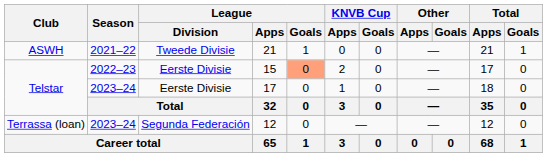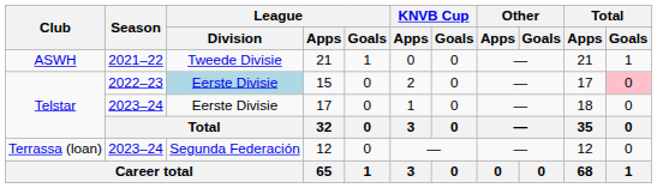 <table class="wikitable" style="text-align:center">
 <tr>
 <th rowspan="2">Club</th>
 <th rowspan="2">Season</th>
 <th colspan="3">League</th>
 <th colspan="2"><a href='#'>KNVB Cup</a></th>
 <th colspan="2">Other</th>
 <th colspan="2">Total</th>
 </tr>
 <tr>
 <th>Division</th>
 <th>Apps</th>
 <th>Goals</th>
 <th>Apps</th>
 <th>Goals</th>
 <th>Apps</th>
 <th>Goals</th>
 <th>Apps</th>
 <th>Goals</th>
 </tr>
 <tr>
 <td><a href='#'>ASWH</a></td>
 <td><a href='#'>2021–22</a></td>
 <td><a href='#'>Tweede Divisie</a></td>
 <td>21</td>
 <td>1</td>
 <td>0</td>
 <td>0</td>
 <td colspan="2">—</td>
 <td>21</td>
 <td>1</td>
 </tr>
 <tr>
 <td rowspan="3"><a href='#'>Telstar</a></td>
 <td><a href='#'>2022–23</a></td>
-<td><a href='#'>Eerste Divisie</a></td>
+<td style="background: lightblue;"><a href='#'>Eerste Divisie</a></td>
 <td>15</td>
-<td style="background: lightsalmon;">0</td>
+<td>0</td>
 <td>2</td>
 <td>0</td>
 <td colspan="2">—</td>
 <td>17</td>
-<td>0</td>
+<td style="background: pink;">0</td>
 </tr>
 <tr>
 <td><a href='#'>2023–24</a></td>
 <td>Eerste Divisie</td>
 <td>17</td>
 <td>0</td>
 <td>1</td>
 <td>0</td>
 <td colspan="2">—</td>
 <td>18</td>
 <td>0</td>
 </tr>
 <tr>
 <th colspan="2">Total</th>
 <th>32</th>
 <th>0</th>
 <th>3</th>
 <th>0</th>
 <th colspan="2">—</th>
 <th>35</th>
 <th>0</th>
 </tr>
 <tr>
 <td><a href='#'>Terrassa</a> (loan)</td>
 <td><a href='#'>2023–24</a></td>
 <td><a href='#'>Segunda Federación</a></td>
 <td>12</td>
 <td>0</td>
 <td colspan="2">—</td>
 <td colspan="2">—</td>
 <td>12</td>
 <td>0</td>
 </tr>
 <tr>
 <th colspan="3">Career total</th>
 <th>65</th>
 <th>1</th>
 <th>3</th>
 <th>0</th>
 <th>0</th>
 <th>0</th>
 <th>68</th>
 <th>1</th>
 </tr>
 </table>
